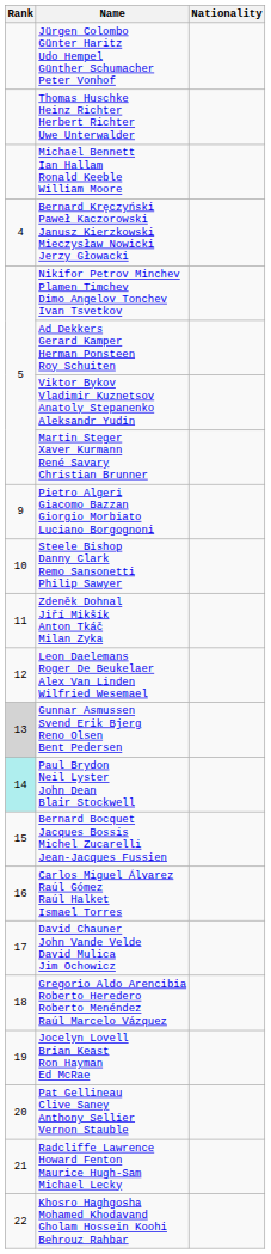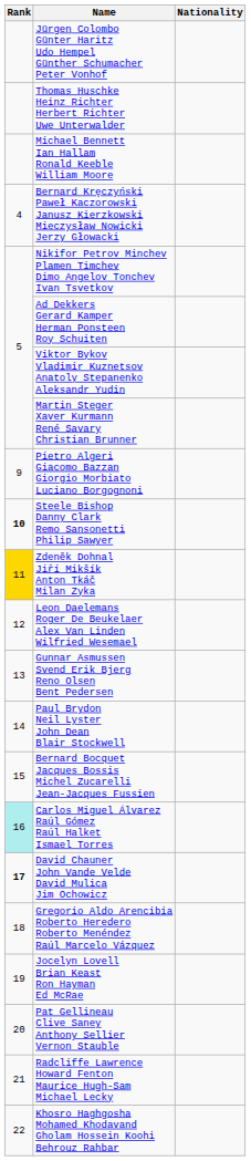 <table class="wikitable sortable" style="text-align:center">
 <tr>
 <th>Rank</th>
 <th>Name</th>
 <th>Nationality</th>
 </tr>
 <tr>
 <td></td>
 <td align=left><a href='#'>Jürgen Colombo</a><br><a href='#'>Günter Haritz</a><br><a href='#'>Udo Hempel</a><br><a href='#'>Günther Schumacher</a><br><a href='#'>Peter Vonhof</a></td>
 <td align=left></td>
 </tr>
 <tr>
 <td></td>
 <td align=left><a href='#'>Thomas Huschke</a><br><a href='#'>Heinz Richter</a><br><a href='#'>Herbert Richter</a><br><a href='#'>Uwe Unterwalder</a></td>
 <td align=left></td>
 </tr>
 <tr>
 <td></td>
 <td align=left><a href='#'>Michael Bennett</a><br><a href='#'>Ian Hallam</a><br><a href='#'>Ronald Keeble</a><br><a href='#'>William Moore</a></td>
 <td align=left></td>
 </tr>
 <tr>
 <td>4</td>
 <td align=left><a href='#'>Bernard Kręczyński</a><br><a href='#'>Paweł Kaczorowski</a><br><a href='#'>Janusz Kierzkowski</a><br><a href='#'>Mieczysław Nowicki</a><br><a href='#'>Jerzy Głowacki</a></td>
 <td align=left></td>
 </tr>
 <tr>
 <td rowspan=4>5</td>
 <td align=left><a href='#'>Nikifor Petrov Minchev</a><br><a href='#'>Plamen Timchev</a><br><a href='#'>Dimo Angelov Tonchev</a><br><a href='#'>Ivan Tsvetkov</a></td>
 <td align=left></td>
 </tr>
 <tr>
 <td align=left><a href='#'>Ad Dekkers</a><br><a href='#'>Gerard Kamper</a><br><a href='#'>Herman Ponsteen</a><br><a href='#'>Roy Schuiten</a></td>
 <td align=left></td>
 </tr>
 <tr>
 <td align=left><a href='#'>Viktor Bykov</a><br><a href='#'>Vladimir Kuznetsov</a><br><a href='#'>Anatoly Stepanenko</a><br><a href='#'>Aleksandr Yudin</a></td>
 <td align=left></td>
 </tr>
 <tr>
 <td align=left><a href='#'>Martin Steger</a><br><a href='#'>Xaver Kurmann</a><br><a href='#'>René Savary</a><br><a href='#'>Christian Brunner</a></td>
 <td align=left></td>
 </tr>
 <tr>
 <td>9</td>
 <td align=left><a href='#'>Pietro Algeri</a><br><a href='#'>Giacomo Bazzan</a><br><a href='#'>Giorgio Morbiato</a><br><a href='#'>Luciano Borgognoni</a></td>
 <td align=left></td>
 </tr>
 <tr>
-<td>10</td>
+<td><strong>10</strong></td>
 <td align=left><a href='#'>Steele Bishop</a><br><a href='#'>Danny Clark</a><br><a href='#'>Remo Sansonetti</a><br><a href='#'>Philip Sawyer</a></td>
 <td align=left></td>
 </tr>
 <tr>
-<td>11</td>
+<td style="background: gold;">11</td>
 <td align=left><a href='#'>Zdeněk Dohnal</a><br><a href='#'>Jiří Mikšík</a><br><a href='#'>Anton Tkáč</a><br><a href='#'>Milan Zyka</a></td>
 <td align=left></td>
 </tr>
 <tr>
 <td>12</td>
 <td align=left><a href='#'>Leon Daelemans</a><br><a href='#'>Roger De Beukelaer</a><br><a href='#'>Alex Van Linden</a><br><a href='#'>Wilfried Wesemael</a></td>
 <td align=left></td>
 </tr>
 <tr>
-<td style="background: lightgrey;">13</td>
+<td>13</td>
 <td align=left><a href='#'>Gunnar Asmussen</a><br><a href='#'>Svend Erik Bjerg</a><br><a href='#'>Reno Olsen</a><br><a href='#'>Bent Pedersen</a></td>
 <td align=left></td>
 </tr>
 <tr>
-<td style="background: paleturquoise;">14</td>
+<td>14</td>
 <td align=left><a href='#'>Paul Brydon</a><br><a href='#'>Neil Lyster</a><br><a href='#'>John Dean</a><br><a href='#'>Blair Stockwell</a></td>
 <td align=left></td>
 </tr>
 <tr>
 <td>15</td>
 <td align=left><a href='#'>Bernard Bocquet</a><br><a href='#'>Jacques Bossis</a><br><a href='#'>Michel Zucarelli</a><br><a href='#'>Jean-Jacques Fussien</a></td>
 <td align=left></td>
 </tr>
 <tr>
-<td>16</td>
+<td style="background: paleturquoise;">16</td>
 <td align=left><a href='#'>Carlos Miguel Álvarez</a><br><a href='#'>Raúl Gómez</a><br><a href='#'>Raúl Halket</a><br><a href='#'>Ismael Torres</a></td>
 <td align=left></td>
 </tr>
 <tr>
-<td>17</td>
+<td><strong>17</strong></td>
 <td align=left><a href='#'>David Chauner</a><br><a href='#'>John Vande Velde</a><br><a href='#'>David Mulica</a><br><a href='#'>Jim Ochowicz</a></td>
 <td align=left></td>
 </tr>
 <tr>
 <td>18</td>
 <td align=left><a href='#'>Gregorio Aldo Arencibia</a><br><a href='#'>Roberto Heredero</a><br><a href='#'>Roberto Menéndez</a><br><a href='#'>Raúl Marcelo Vázquez</a></td>
 <td align=left></td>
 </tr>
 <tr>
 <td>19</td>
 <td align=left><a href='#'>Jocelyn Lovell</a><br><a href='#'>Brian Keast</a><br><a href='#'>Ron Hayman</a><br><a href='#'>Ed McRae</a></td>
 <td align=left></td>
 </tr>
 <tr>
 <td>20</td>
 <td align=left><a href='#'>Pat Gellineau</a><br><a href='#'>Clive Saney</a><br><a href='#'>Anthony Sellier</a><br><a href='#'>Vernon Stauble</a></td>
 <td align=left></td>
 </tr>
 <tr>
 <td>21</td>
 <td align=left><a href='#'>Radcliffe Lawrence</a><br><a href='#'>Howard Fenton</a><br><a href='#'>Maurice Hugh-Sam</a><br><a href='#'>Michael Lecky</a></td>
 <td align=left></td>
 </tr>
 <tr>
 <td>22</td>
 <td align=left><a href='#'>Khosro Haghgosha</a><br><a href='#'>Mohamed Khodavand</a><br><a href='#'>Gholam Hossein Koohi</a><br><a href='#'>Behrouz Rahbar</a></td>
 <td align=left></td>
 </tr>
 </table>
